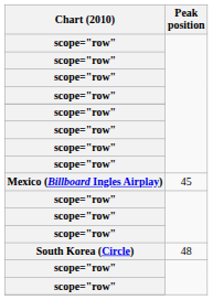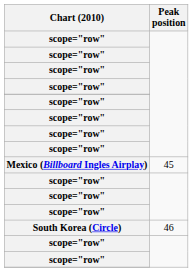 <table class="wikitable sortable plainrowheaders">
 <tr>
 <th scope="col">Chart (2010)</th>
 <th scope="col">Peak<br>position</th>
 </tr>
 <tr>
 <th>scope="row"</th>
 </tr>
 <tr>
 <th>scope="row"</th>
 </tr>
 <tr>
 <th>scope="row"</th>
 </tr>
 <tr>
 <th>scope="row"</th>
 </tr>
 <tr>
 </tr>
 <tr>
 <th>scope="row"</th>
 </tr>
 <tr>
 <th>scope="row"</th>
 </tr>
 <tr>
 <th>scope="row"</th>
 </tr>
 <tr>
 <th>scope="row" </th>
 </tr>
 <tr>
 <th scope="row">Mexico (<a href='#'><em>Billboard</em> Ingles Airplay</a>)</th>
 <td style="text-align:center;">45</td>
 </tr>
 <tr>
 <th>scope="row"</th>
 </tr>
 <tr>
 <th>scope="row"</th>
 </tr>
 <tr>
 <th>scope="row"</th>
 </tr>
 <tr>
 <th scope="row">South Korea (<a href='#'>Circle</a>)</th>
-<td style="text-align:center;">48</td>
+<td style="text-align:center;">46</td>
 </tr>
 <tr>
 <th>scope="row"</th>
 </tr>
 <tr>
 <th>scope="row"</th>
 </tr>
 <tr>
 </tr>
 </table>
